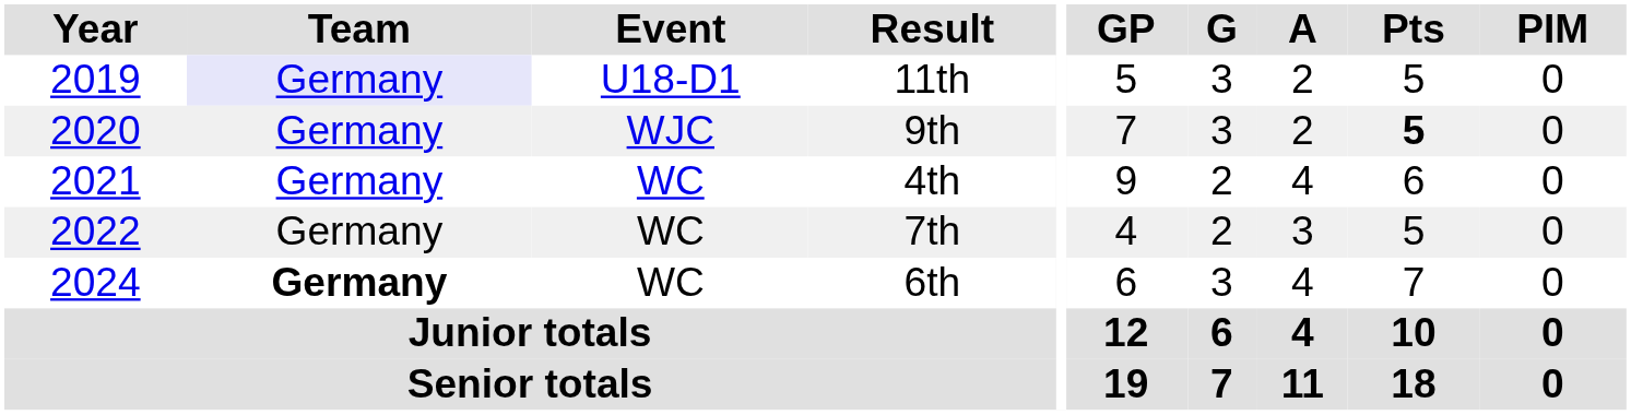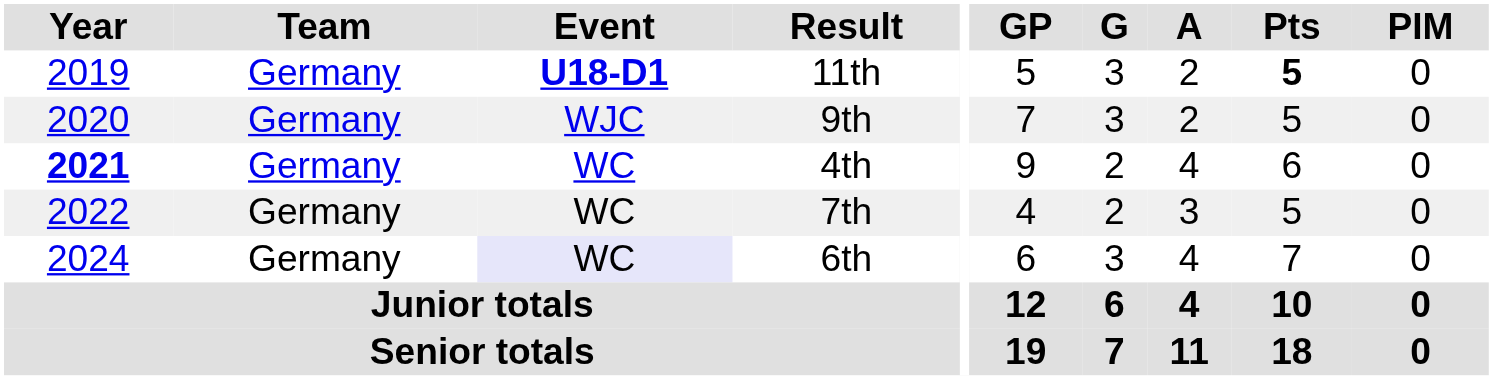 <table border="0" cellpadding="1" cellspacing="0" ID="Table3" style="text-align:center; width:40em;">
 <tr bgcolor="#e0e0e0">
 <th>Year</th>
 <th>Team</th>
 <th>Event</th>
 <th>Result</th>
 <th rowspan="99" bgcolor="#fff"></th>
 <th>GP</th>
 <th>G</th>
 <th>A</th>
 <th>Pts</th>
 <th>PIM</th>
 </tr>
 <tr>
 <td><a href='#'>2019</a></td>
-<td style="background: lavender;"><a href='#'>Germany</a></td>
-<td><a href='#'>U18-D1</a></td>
+<td><a href='#'>Germany</a></td>
+<td><strong><a href='#'>U18-D1</a></strong></td>
 <td>11th</td>
 <td>5</td>
 <td>3</td>
 <td>2</td>
-<td>5</td>
+<td><strong>5</strong></td>
 <td>0</td>
 </tr>
 <tr bgcolor="#f0f0f0">
 <td><a href='#'>2020</a></td>
 <td><a href='#'>Germany</a></td>
 <td><a href='#'>WJC</a></td>
 <td>9th</td>
 <td>7</td>
 <td>3</td>
 <td>2</td>
-<td><strong>5</strong></td>
+<td>5</td>
 <td>0</td>
 </tr>
 <tr>
-<td><a href='#'>2021</a></td>
+<td><strong><a href='#'>2021</a></strong></td>
 <td><a href='#'>Germany</a></td>
 <td><a href='#'>WC</a></td>
 <td>4th</td>
 <td>9</td>
 <td>2</td>
 <td>4</td>
 <td>6</td>
 <td>0</td>
 </tr>
 <tr bgcolor="#f0f0f0">
 <td><a href='#'>2022</a></td>
 <td>Germany</td>
 <td>WC</td>
 <td>7th</td>
 <td>4</td>
 <td>2</td>
 <td>3</td>
 <td>5</td>
 <td>0</td>
 </tr>
 <tr>
 <td><a href='#'>2024</a></td>
-<td><strong>Germany</strong></td>
-<td>WC</td>
+<td>Germany</td>
+<td style="background: lavender;">WC</td>
 <td>6th</td>
 <td>6</td>
 <td>3</td>
 <td>4</td>
 <td>7</td>
 <td>0</td>
 </tr>
 <tr bgcolor="#e0e0e0">
 <th colspan="4">Junior totals</th>
 <th>12</th>
 <th>6</th>
 <th>4</th>
 <th>10</th>
 <th>0</th>
 </tr>
 <tr bgcolor="#e0e0e0">
 <th colspan="4">Senior totals</th>
 <th>19</th>
 <th>7</th>
 <th>11</th>
 <th>18</th>
 <th>0</th>
 </tr>
 </table>
